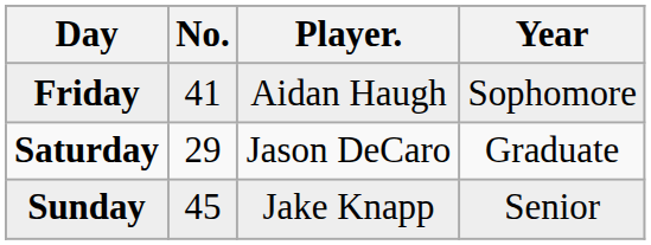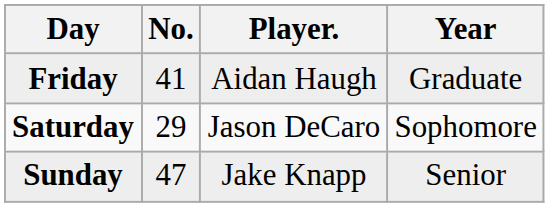 <table class="wikitable non-sortable">
 <tr>
 <th style="text-align:center; ">Day</th>
 <th style="text-align:center; ">No.</th>
 <th style="text-align:center; ">Player.</th>
 <th style="text-align:center; ">Year</th>
 </tr>
 <tr style="background:#eeeeee;text-align:center;">
 <td><strong>Friday</strong></td>
 <td>41</td>
 <td>Aidan Haugh</td>
-<td>Sophomore</td>
+<td>Graduate</td>
 </tr>
 <tr style="text-align:center;">
 <td><strong>Saturday</strong></td>
 <td>29</td>
 <td>Jason DeCaro</td>
-<td>Graduate</td>
+<td>Sophomore</td>
 </tr>
 <tr style="background:#eeeeee;text-align:center;">
 <td><strong>Sunday</strong></td>
-<td>45</td>
+<td>47</td>
 <td>Jake Knapp</td>
 <td>Senior</td>
 </tr>
 </table>
